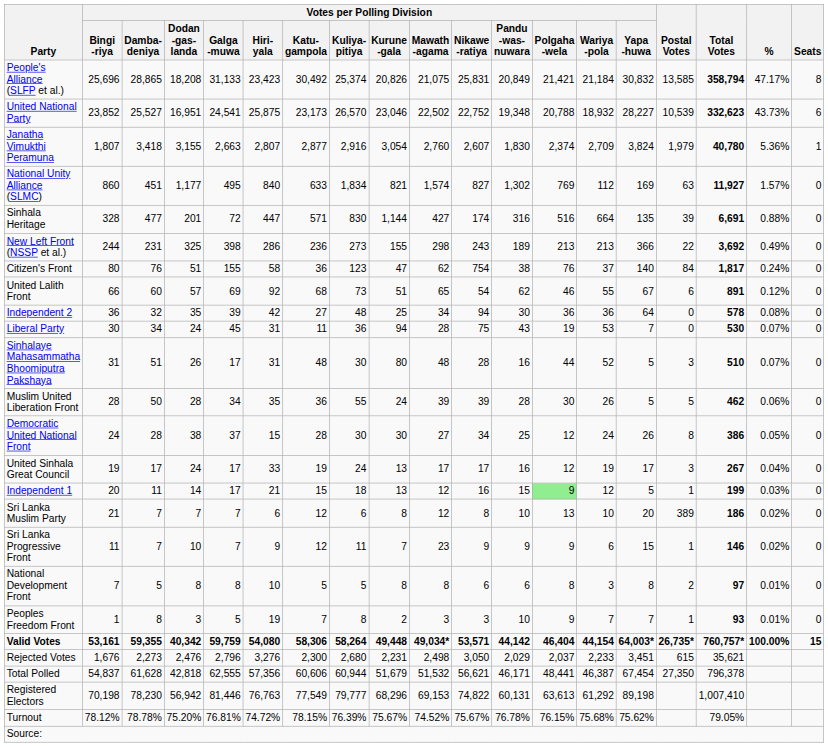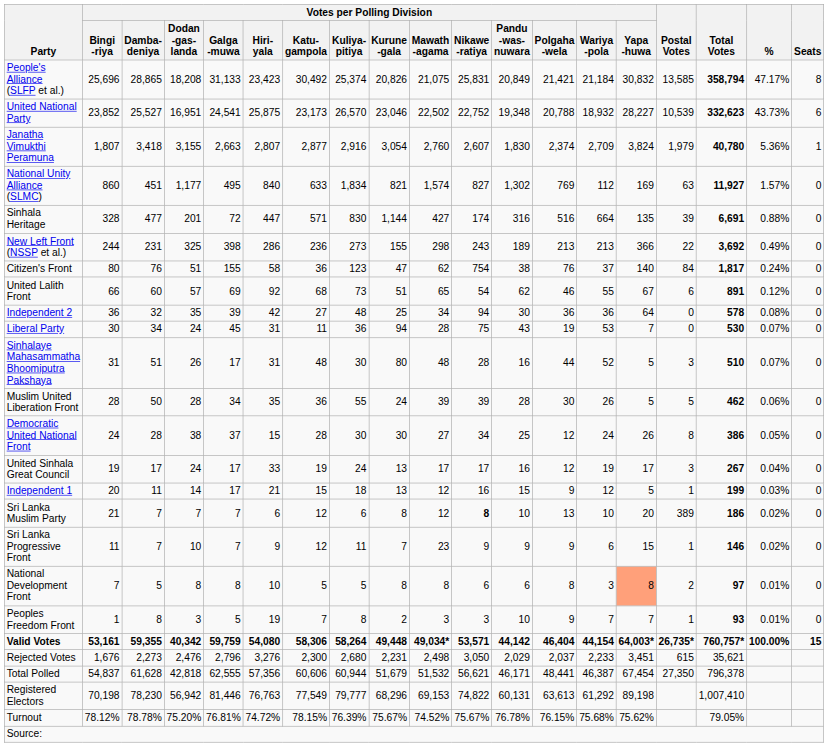 <table class="wikitable" border="1" style="text-align:right;">
 <tr>
 <th align=left valign=bottom rowspan=2 width="180">Party</th>
 <th colspan=14>Votes per Polling Division</th>
 <th align=center valign=bottom rowspan=2 width="50">Postal<br>Votes</th>
 <th align=center valign=bottom rowspan=2 width="50">Total Votes</th>
 <th align=center valign=bottom rowspan=2 width="50">%</th>
 <th align=center valign=bottom rowspan=2 width="40">Seats</th>
 </tr>
 <tr>
 <th align=center valign=bottom width="50">Bingi<br>-riya</th>
 <th align=center valign=bottom width="50">Damba-<br>deniya</th>
 <th align=center valign=bottom width="50">Dodan<br>-gas-<br>landa</th>
 <th align=center valign=bottom width="50">Galga<br>-muwa</th>
 <th align=center valign=bottom width="50">Hiri-<br>yala</th>
 <th align=center valign=bottom width="50">Katu-<br>gampola</th>
 <th align=center valign=bottom width="50">Kuliya-<br>pitiya</th>
 <th align=center valign=bottom width="50">Kurune<br>-gala</th>
 <th align=center valign=bottom width="50">Mawath<br>-agama</th>
 <th align=center valign=bottom width="50">Nikawe<br>-ratiya</th>
 <th align=center valign=bottom width="50">Pandu<br>-was-<br>nuwara</th>
 <th align=center valign=bottom width="50">Polgaha<br>-wela</th>
 <th align=center valign=bottom width="50">Wariya<br>-pola</th>
 <th align=center valign=bottom width="50">Yapa<br>-huwa</th>
 </tr>
 <tr>
 <td align=left><a href='#'>People's Alliance</a><br>(<a href='#'>SLFP</a> et al.)</td>
 <td>25,696</td>
 <td>28,865</td>
 <td>18,208</td>
 <td>31,133</td>
 <td>23,423</td>
 <td>30,492</td>
 <td>25,374</td>
 <td>20,826</td>
 <td>21,075</td>
 <td>25,831</td>
 <td>20,849</td>
 <td>21,421</td>
 <td>21,184</td>
 <td>30,832</td>
 <td>13,585</td>
 <td><strong>358,794</strong></td>
 <td>47.17%</td>
 <td>8</td>
 </tr>
 <tr>
 <td align=left><a href='#'>United National Party</a></td>
 <td>23,852</td>
 <td>25,527</td>
 <td>16,951</td>
 <td>24,541</td>
 <td>25,875</td>
 <td>23,173</td>
 <td>26,570</td>
 <td>23,046</td>
 <td>22,502</td>
 <td>22,752</td>
 <td>19,348</td>
 <td>20,788</td>
 <td>18,932</td>
 <td>28,227</td>
 <td>10,539</td>
 <td><strong>332,623</strong></td>
 <td>43.73%</td>
 <td>6</td>
 </tr>
 <tr>
 <td align=left><a href='#'>Janatha Vimukthi Peramuna</a></td>
 <td>1,807</td>
 <td>3,418</td>
 <td>3,155</td>
 <td>2,663</td>
 <td>2,807</td>
 <td>2,877</td>
 <td>2,916</td>
 <td>3,054</td>
 <td>2,760</td>
 <td>2,607</td>
 <td>1,830</td>
 <td>2,374</td>
 <td>2,709</td>
 <td>3,824</td>
 <td>1,979</td>
 <td><strong>40,780</strong></td>
 <td>5.36%</td>
 <td>1</td>
 </tr>
 <tr>
 <td align=left><a href='#'>National Unity Alliance</a> (<a href='#'>SLMC</a>)</td>
 <td>860</td>
 <td>451</td>
 <td>1,177</td>
 <td>495</td>
 <td>840</td>
 <td>633</td>
 <td>1,834</td>
 <td>821</td>
 <td>1,574</td>
 <td>827</td>
 <td>1,302</td>
 <td>769</td>
 <td>112</td>
 <td>169</td>
 <td>63</td>
 <td><strong>11,927</strong></td>
 <td>1.57%</td>
 <td>0</td>
 </tr>
 <tr>
 <td align=left>Sinhala Heritage</td>
 <td>328</td>
 <td>477</td>
 <td>201</td>
 <td>72</td>
 <td>447</td>
 <td>571</td>
 <td>830</td>
 <td>1,144</td>
 <td>427</td>
 <td>174</td>
 <td>316</td>
 <td>516</td>
 <td>664</td>
 <td>135</td>
 <td>39</td>
 <td><strong>6,691</strong></td>
 <td>0.88%</td>
 <td>0</td>
 </tr>
 <tr>
 <td align=left><a href='#'>New Left Front</a> (<a href='#'>NSSP</a> et al.)</td>
 <td>244</td>
 <td>231</td>
 <td>325</td>
 <td>398</td>
 <td>286</td>
 <td>236</td>
 <td>273</td>
 <td>155</td>
 <td>298</td>
 <td>243</td>
 <td>189</td>
 <td>213</td>
 <td>213</td>
 <td>366</td>
 <td>22</td>
 <td><strong>3,692</strong></td>
 <td>0.49%</td>
 <td>0</td>
 </tr>
 <tr>
 <td align=left>Citizen's Front</td>
 <td>80</td>
 <td>76</td>
 <td>51</td>
 <td>155</td>
 <td>58</td>
 <td>36</td>
 <td>123</td>
 <td>47</td>
 <td>62</td>
 <td>754</td>
 <td>38</td>
 <td>76</td>
 <td>37</td>
 <td>140</td>
 <td>84</td>
 <td><strong>1,817</strong></td>
 <td>0.24%</td>
 <td>0</td>
 </tr>
 <tr>
 <td align=left>United Lalith Front</td>
 <td>66</td>
 <td>60</td>
 <td>57</td>
 <td>69</td>
 <td>92</td>
 <td>68</td>
 <td>73</td>
 <td>51</td>
 <td>65</td>
 <td>54</td>
 <td>62</td>
 <td>46</td>
 <td>55</td>
 <td>67</td>
 <td>6</td>
 <td><strong>891</strong></td>
 <td>0.12%</td>
 <td>0</td>
 </tr>
 <tr>
 <td align=left><a href='#'>Independent 2</a></td>
 <td>36</td>
 <td>32</td>
 <td>35</td>
 <td>39</td>
 <td>42</td>
 <td>27</td>
 <td>48</td>
 <td>25</td>
 <td>34</td>
 <td>94</td>
 <td>30</td>
 <td>36</td>
 <td>36</td>
 <td>64</td>
 <td>0</td>
 <td><strong>578</strong></td>
 <td>0.08%</td>
 <td>0</td>
 </tr>
 <tr>
 <td align=left><a href='#'>Liberal Party</a></td>
 <td>30</td>
 <td>34</td>
 <td>24</td>
 <td>45</td>
 <td>31</td>
 <td>11</td>
 <td>36</td>
 <td>94</td>
 <td>28</td>
 <td>75</td>
 <td>43</td>
 <td>19</td>
 <td>53</td>
 <td>7</td>
 <td>0</td>
 <td><strong>530</strong></td>
 <td>0.07%</td>
 <td>0</td>
 </tr>
 <tr>
 <td align=left><a href='#'>Sinhalaye Mahasammatha Bhoomiputra Pakshaya</a></td>
 <td>31</td>
 <td>51</td>
 <td>26</td>
 <td>17</td>
 <td>31</td>
 <td>48</td>
 <td>30</td>
 <td>80</td>
 <td>48</td>
 <td>28</td>
 <td>16</td>
 <td>44</td>
 <td>52</td>
 <td>5</td>
 <td>3</td>
 <td><strong>510</strong></td>
 <td>0.07%</td>
 <td>0</td>
 </tr>
 <tr>
 <td align=left>Muslim United Liberation Front</td>
 <td>28</td>
 <td>50</td>
 <td>28</td>
 <td>34</td>
 <td>35</td>
 <td>36</td>
 <td>55</td>
 <td>24</td>
 <td>39</td>
 <td>39</td>
 <td>28</td>
 <td>30</td>
 <td>26</td>
 <td>5</td>
 <td>5</td>
 <td><strong>462</strong></td>
 <td>0.06%</td>
 <td>0</td>
 </tr>
 <tr>
 <td align=left><a href='#'>Democratic United National Front</a></td>
 <td>24</td>
 <td>28</td>
 <td>38</td>
 <td>37</td>
 <td>15</td>
 <td>28</td>
 <td>30</td>
 <td>30</td>
 <td>27</td>
 <td>34</td>
 <td>25</td>
 <td>12</td>
 <td>24</td>
 <td>26</td>
 <td>8</td>
 <td><strong>386</strong></td>
 <td>0.05%</td>
 <td>0</td>
 </tr>
 <tr>
 <td align=left>United Sinhala Great Council</td>
 <td>19</td>
 <td>17</td>
 <td>24</td>
 <td>17</td>
 <td>33</td>
 <td>19</td>
 <td>24</td>
 <td>13</td>
 <td>17</td>
 <td>17</td>
 <td>16</td>
 <td>12</td>
 <td>19</td>
 <td>17</td>
 <td>3</td>
 <td><strong>267</strong></td>
 <td>0.04%</td>
 <td>0</td>
 </tr>
 <tr>
 <td align=left><a href='#'>Independent 1</a></td>
 <td>20</td>
 <td>11</td>
 <td>14</td>
 <td>17</td>
 <td>21</td>
 <td>15</td>
 <td>18</td>
 <td>13</td>
 <td>12</td>
 <td>16</td>
 <td>15</td>
-<td style="background: lightgreen;">9</td>
+<td>9</td>
 <td>12</td>
 <td>5</td>
 <td>1</td>
 <td><strong>199</strong></td>
 <td>0.03%</td>
 <td>0</td>
 </tr>
 <tr>
 <td align=left>Sri Lanka Muslim Party</td>
 <td>21</td>
 <td>7</td>
 <td>7</td>
 <td>7</td>
 <td>6</td>
 <td>12</td>
 <td>6</td>
 <td>8</td>
 <td>12</td>
-<td>8</td>
+<td><strong>8</strong></td>
 <td>10</td>
 <td>13</td>
 <td>10</td>
 <td>20</td>
 <td>389</td>
 <td><strong>186</strong></td>
 <td>0.02%</td>
 <td>0</td>
 </tr>
 <tr>
 <td align=left>Sri Lanka Progressive Front</td>
 <td>11</td>
 <td>7</td>
 <td>10</td>
 <td>7</td>
 <td>9</td>
 <td>12</td>
 <td>11</td>
 <td>7</td>
 <td>23</td>
 <td>9</td>
 <td>9</td>
 <td>9</td>
 <td>6</td>
 <td>15</td>
 <td>1</td>
 <td><strong>146</strong></td>
 <td>0.02%</td>
 <td>0</td>
 </tr>
 <tr>
 <td align=left>National Development Front</td>
 <td>7</td>
 <td>5</td>
 <td>8</td>
 <td>8</td>
 <td>10</td>
 <td>5</td>
 <td>5</td>
 <td>8</td>
 <td>8</td>
 <td>6</td>
 <td>6</td>
 <td>8</td>
 <td>3</td>
-<td>8</td>
+<td style="background: lightsalmon;">8</td>
 <td>2</td>
 <td><strong>97</strong></td>
 <td>0.01%</td>
 <td>0</td>
 </tr>
 <tr>
 <td align=left>Peoples Freedom Front</td>
 <td>1</td>
 <td>8</td>
 <td>3</td>
 <td>5</td>
 <td>19</td>
 <td>7</td>
 <td>8</td>
 <td>2</td>
 <td>3</td>
 <td>3</td>
 <td>10</td>
 <td>9</td>
 <td>7</td>
 <td>7</td>
 <td>1</td>
 <td><strong>93</strong></td>
 <td>0.01%</td>
 <td>0</td>
 </tr>
 <tr>
 <td align=left><strong>Valid Votes</strong></td>
 <td><strong>53,161</strong></td>
 <td><strong>59,355</strong></td>
 <td><strong>40,342</strong></td>
 <td><strong>59,759</strong></td>
 <td><strong>54,080</strong></td>
 <td><strong>58,306</strong></td>
 <td><strong>58,264</strong></td>
 <td><strong>49,448</strong></td>
 <td><strong>49,034*</strong></td>
 <td><strong>53,571</strong></td>
 <td><strong>44,142</strong></td>
 <td><strong>46,404</strong></td>
 <td><strong>44,154</strong></td>
 <td><strong>64,003*</strong></td>
 <td><strong>26,735*</strong></td>
 <td><strong>760,757*</strong></td>
 <td><strong>100.00%</strong></td>
 <td><strong>15</strong></td>
 </tr>
 <tr>
 <td align=left>Rejected Votes</td>
 <td>1,676</td>
 <td>2,273</td>
 <td>2,476</td>
 <td>2,796</td>
 <td>3,276</td>
 <td>2,300</td>
 <td>2,680</td>
 <td>2,231</td>
 <td>2,498</td>
 <td>3,050</td>
 <td>2,029</td>
 <td>2,037</td>
 <td>2,233</td>
 <td>3,451</td>
 <td>615</td>
 <td>35,621</td>
 <td></td>
 <td></td>
 </tr>
 <tr>
 <td align=left>Total Polled</td>
 <td>54,837</td>
 <td>61,628</td>
 <td>42,818</td>
 <td>62,555</td>
 <td>57,356</td>
 <td>60,606</td>
 <td>60,944</td>
 <td>51,679</td>
 <td>51,532</td>
 <td>56,621</td>
 <td>46,171</td>
 <td>48,441</td>
 <td>46,387</td>
 <td>67,454</td>
 <td>27,350</td>
 <td>796,378</td>
 <td></td>
 <td></td>
 </tr>
 <tr>
 <td align=left>Registered Electors</td>
 <td>70,198</td>
 <td>78,230</td>
 <td>56,942</td>
 <td>81,446</td>
 <td>76,763</td>
 <td>77,549</td>
 <td>79,777</td>
 <td>68,296</td>
 <td>69,153</td>
 <td>74,822</td>
 <td>60,131</td>
 <td>63,613</td>
 <td>61,292</td>
 <td>89,198</td>
 <td></td>
 <td>1,007,410</td>
 <td></td>
 <td></td>
 </tr>
 <tr>
 <td align=left>Turnout</td>
 <td>78.12%</td>
 <td>78.78%</td>
 <td>75.20%</td>
 <td>76.81%</td>
 <td>74.72%</td>
 <td>78.15%</td>
 <td>76.39%</td>
 <td>75.67%</td>
 <td>74.52%</td>
 <td>75.67%</td>
 <td>76.78%</td>
 <td>76.15%</td>
 <td>75.68%</td>
 <td>75.62%</td>
 <td></td>
 <td>79.05%</td>
 <td></td>
 <td></td>
 </tr>
 <tr>
 <td align=left colspan=20>Source:</td>
 </tr>
 </table>
